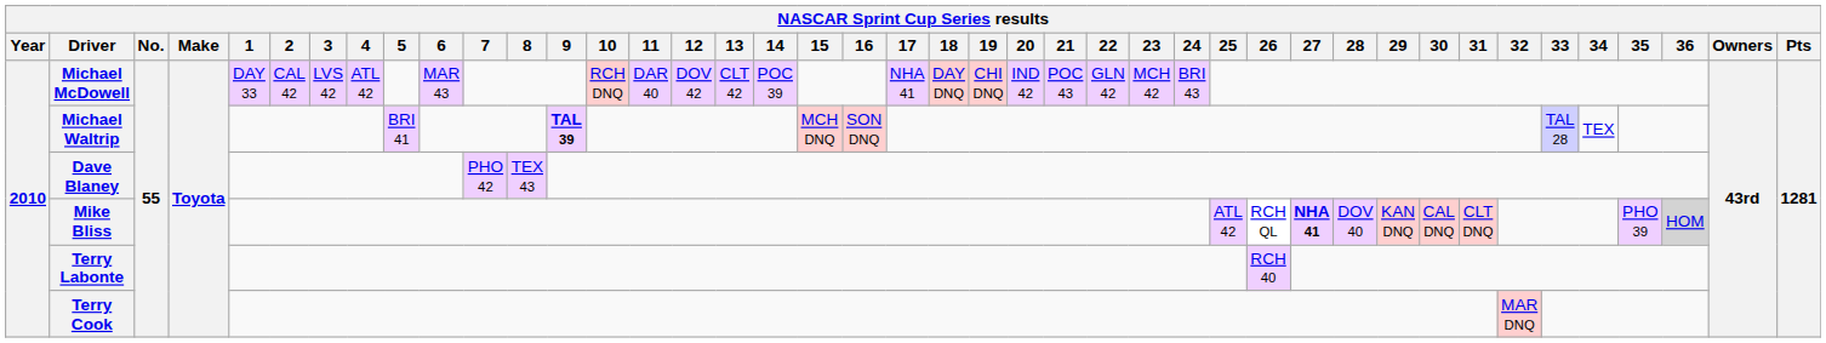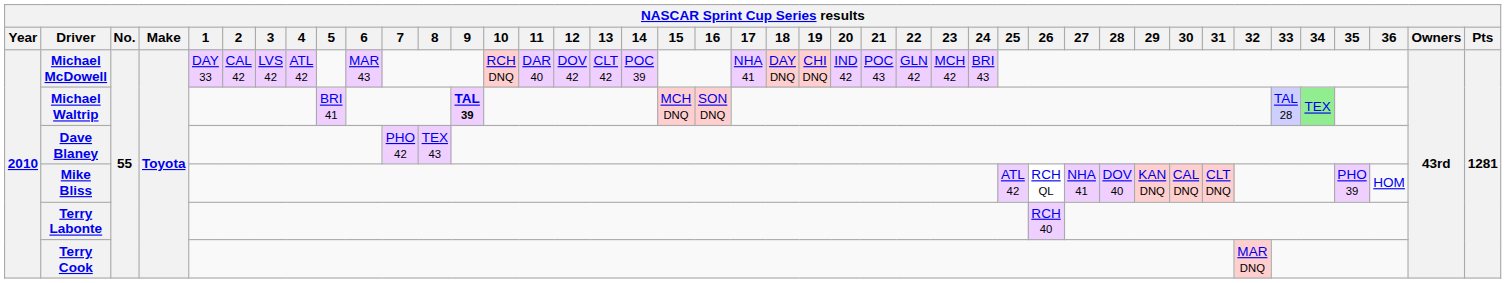 <table class="wikitable" style="text-align:center; font-size:75%">
 <tr>
 <th colspan=45><a href='#'>NASCAR Sprint Cup Series</a> results</th>
 </tr>
 <tr>
 <th>Year</th>
 <th>Driver</th>
 <th>No.</th>
 <th>Make</th>
 <th>1</th>
 <th>2</th>
 <th>3</th>
 <th>4</th>
 <th>5</th>
 <th>6</th>
 <th>7</th>
 <th>8</th>
 <th>9</th>
 <th>10</th>
 <th>11</th>
 <th>12</th>
 <th>13</th>
 <th>14</th>
 <th>15</th>
 <th>16</th>
 <th>17</th>
 <th>18</th>
 <th>19</th>
 <th>20</th>
 <th>21</th>
 <th>22</th>
 <th>23</th>
 <th>24</th>
 <th>25</th>
 <th>26</th>
 <th>27</th>
 <th>28</th>
 <th>29</th>
 <th>30</th>
 <th>31</th>
 <th>32</th>
 <th>33</th>
 <th>34</th>
 <th>35</th>
 <th>36</th>
 <th>Owners</th>
 <th>Pts</th>
 </tr>
 <tr>
 <th rowspan=6><a href='#'>2010</a></th>
 <th><a href='#'>Michael McDowell</a></th>
 <th rowspan=6>55</th>
 <th rowspan=6><a href='#'>Toyota</a></th>
 <td style="background:#EFCFFF;"><a href='#'>DAY</a><br><small>33</small></td>
 <td style="background:#EFCFFF;"><a href='#'>CAL</a><br><small>42</small></td>
 <td style="background:#EFCFFF;"><a href='#'>LVS</a><br><small>42</small></td>
 <td style="background:#EFCFFF;"><a href='#'>ATL</a><br><small>42</small></td>
 <td></td>
 <td style="background:#EFCFFF;"><a href='#'>MAR</a><br><small>43</small></td>
 <td colspan=3></td>
 <td style="background:#FFCFCF;"><a href='#'>RCH</a><br><small>DNQ</small></td>
 <td style="background:#EFCFFF;"><a href='#'>DAR</a><br><small>40</small></td>
 <td style="background:#EFCFFF;"><a href='#'>DOV</a><br><small>42</small></td>
 <td style="background:#EFCFFF;"><a href='#'>CLT</a><br><small>42</small></td>
 <td style="background:#EFCFFF;"><a href='#'>POC</a><br><small>39</small></td>
 <td colspan=2></td>
 <td style="background:#EFCFFF;"><a href='#'>NHA</a><br><small>41</small></td>
 <td style="background:#FFCFCF;"><a href='#'>DAY</a><br><small>DNQ</small></td>
 <td style="background:#FFCFCF;"><a href='#'>CHI</a><br><small>DNQ</small></td>
 <td style="background:#EFCFFF;"><a href='#'>IND</a><br><small>42</small></td>
 <td style="background:#EFCFFF;"><a href='#'>POC</a><br><small>43</small></td>
 <td style="background:#EFCFFF;"><a href='#'>GLN</a><br><small>42</small></td>
 <td style="background:#EFCFFF;"><a href='#'>MCH</a><br><small>42</small></td>
 <td style="background:#EFCFFF;"><a href='#'>BRI</a><br><small>43</small></td>
 <td colspan=12></td>
 <th rowspan=6>43rd</th>
 <th rowspan=6>1281</th>
 </tr>
 <tr>
 <th><a href='#'>Michael Waltrip</a></th>
 <td colspan=4></td>
 <td style="background:#EFCFFF;"><a href='#'>BRI</a><br><small>41</small></td>
 <td colspan=3></td>
 <td style="background:#EFCFFF;"><strong><a href='#'>TAL</a><br><small>39</small></strong></td>
 <td colspan=5></td>
 <td style="background:#FFCFCF;"><a href='#'>MCH</a><br><small>DNQ</small></td>
 <td style="background:#FFCFCF;"><a href='#'>SON</a><br><small>DNQ</small></td>
 <td colspan=16></td>
 <td style="background:#CFCFFF;"><a href='#'>TAL</a><br><small>28</small></td>
-<td><a href='#'>TEX</a></td>
+<td style="background: lightgreen;"><a href='#'>TEX</a></td>
 <td colspan=2></td>
 </tr>
 <tr>
 <th><a href='#'>Dave Blaney</a></th>
 <td colspan=6></td>
 <td style="background:#EFCFFF;"><a href='#'>PHO</a><br><small>42</small></td>
 <td style="background:#EFCFFF;"><a href='#'>TEX</a><br><small>43</small></td>
 <td colspan=28></td>
 </tr>
 <tr>
 <th><a href='#'>Mike Bliss</a></th>
 <td colspan=24></td>
 <td style="background:#EFCFFF;"><a href='#'>ATL</a><br><small>42</small></td>
 <td style="background:#FFFFFF;"><a href='#'>RCH</a><br><small>QL</small></td>
-<td style="background:#EFCFFF;"><strong><a href='#'>NHA</a><br><small>41</small></strong></td>
+<td style="background:#EFCFFF;"><a href='#'>NHA</a><br><small>41</small></td>
 <td style="background:#EFCFFF;"><a href='#'>DOV</a><br><small>40</small></td>
 <td style="background:#FFCFCF;"><a href='#'>KAN</a><br><small>DNQ</small></td>
 <td style="background:#FFCFCF;"><a href='#'>CAL</a><br><small>DNQ</small></td>
 <td style="background:#FFCFCF;"><a href='#'>CLT</a><br><small>DNQ</small></td>
 <td colspan=3></td>
 <td style="background:#EFCFFF;"><a href='#'>PHO</a><br><small>39</small></td>
-<td style="background: lightgrey;"><a href='#'>HOM</a></td>
+<td><a href='#'>HOM</a></td>
 </tr>
 <tr>
 <th><a href='#'>Terry Labonte</a></th>
 <td colspan=25></td>
 <td style="background:#EFCFFF;"><a href='#'>RCH</a><br><small>40</small></td>
 <td colspan=10></td>
 </tr>
 <tr>
 <th><a href='#'>Terry Cook</a></th>
 <td colspan=31></td>
 <td style="background:#FFCFCF;"><a href='#'>MAR</a><br><small>DNQ</small></td>
 <td colspan=4></td>
 </tr>
 </table>
